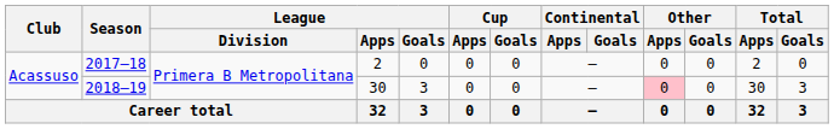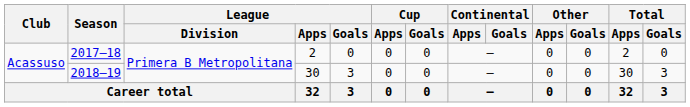 <table class="wikitable" style="text-align:center">
 <tr>
 <th rowspan="2">Club</th>
 <th rowspan="2">Season</th>
 <th colspan="3">League</th>
 <th colspan="2">Cup</th>
 <th colspan="2">Continental</th>
 <th colspan="2">Other</th>
 <th colspan="2">Total</th>
 </tr>
 <tr>
 <th>Division</th>
 <th>Apps</th>
 <th>Goals</th>
 <th>Apps</th>
 <th>Goals</th>
 <th>Apps</th>
 <th>Goals</th>
 <th>Apps</th>
 <th>Goals</th>
 <th>Apps</th>
 <th>Goals</th>
 </tr>
 <tr>
 <td rowspan="2"><a href='#'>Acassuso</a></td>
 <td><a href='#'>2017–18</a></td>
 <td rowspan="2"><a href='#'>Primera B Metropolitana</a></td>
 <td>2</td>
 <td>0</td>
 <td>0</td>
 <td>0</td>
 <td colspan="2">—</td>
 <td>0</td>
 <td>0</td>
 <td>2</td>
 <td>0</td>
 </tr>
 <tr>
 <td><a href='#'>2018–19</a></td>
 <td>30</td>
 <td>3</td>
 <td>0</td>
 <td>0</td>
 <td colspan="2">—</td>
-<td style="background: pink;">0</td>
+<td>0</td>
 <td>0</td>
 <td>30</td>
 <td>3</td>
 </tr>
 <tr>
 <th colspan="3">Career total</th>
 <th>32</th>
 <th>3</th>
 <th>0</th>
 <th>0</th>
 <th colspan="2">—</th>
 <th>0</th>
 <th>0</th>
 <th>32</th>
 <th>3</th>
 </tr>
 </table>
